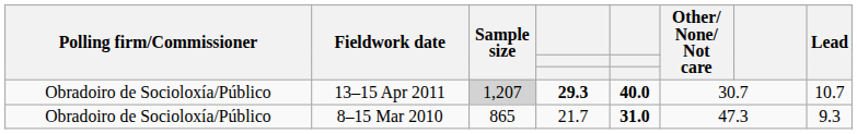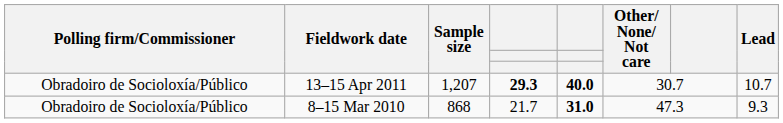 <table class="wikitable collapsible collapsed" style="text-align:center; font-size:90%; line-height:14px;">
 <tr style="height:42px;">
 <th style="width:250px;" rowspan="3">Polling firm/Commissioner</th>
 <th style="width:125px;" rowspan="3">Fieldwork date</th>
 <th style="width:50px;" rowspan="3">Sample size</th>
 <th style="width:55px;"></th>
 <th style="width:35px;"></th>
 <th style="width:55px;" rowspan="3">Other/<br>None/<br>Not<br>care</th>
 <th style="width:55px;" rowspan="3"></th>
 <th style="width:30px;" rowspan="3">Lead</th>
 </tr>
 <tr>
 <th style="color:inherit;background:"></th>
 <th style="color:inherit;background:"></th>
 </tr>
 <tr>
 <th></th>
 <th></th>
 </tr>
 <tr>
 <td>Obradoiro de Socioloxía/Público</td>
 <td>13–15 Apr 2011</td>
-<td style="background: lightgrey;">1,207</td>
+<td>1,207</td>
 <td><strong>29.3</strong></td>
 <td><strong>40.0</strong></td>
 <td colspan="2">30.7</td>
 <td style="background:">10.7</td>
 </tr>
 <tr>
 <td>Obradoiro de Socioloxía/Público</td>
 <td>8–15 Mar 2010</td>
-<td>865</td>
+<td>868</td>
 <td>21.7</td>
 <td><strong>31.0</strong></td>
 <td colspan="2">47.3</td>
 <td style="background:">9.3</td>
 </tr>
 </table>
